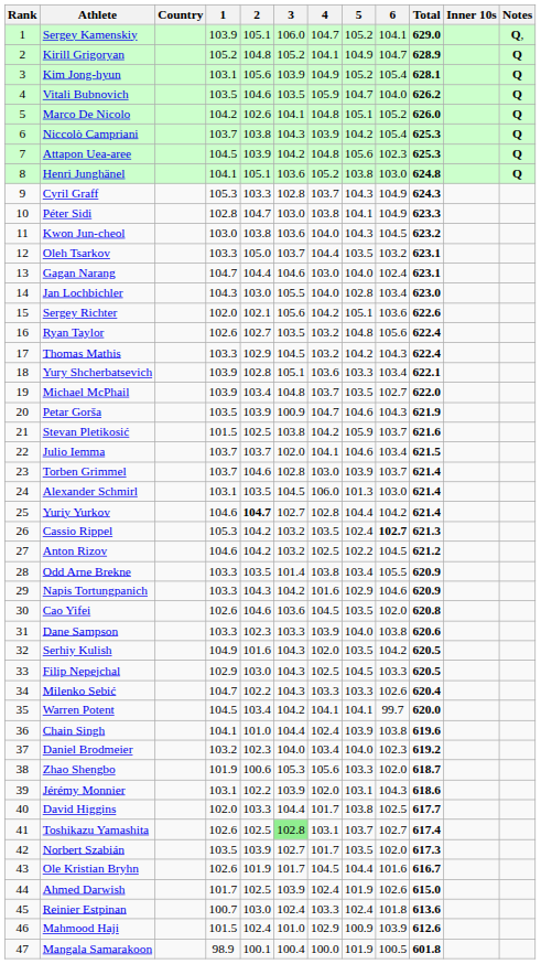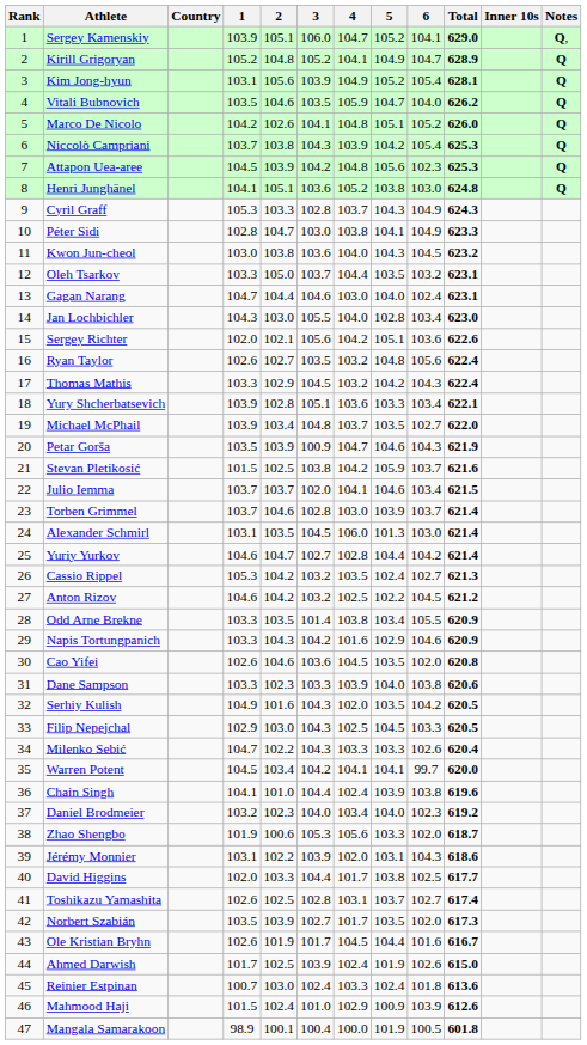 <table class="wikitable sortable" style="text-align:center">
 <tr>
 <th>Rank</th>
 <th>Athlete</th>
 <th>Country</th>
 <th class="unsortable" style="width: 28px">1</th>
 <th class="unsortable" style="width: 28px">2</th>
 <th class="unsortable" style="width: 28px">3</th>
 <th class="unsortable" style="width: 28px">4</th>
 <th class="unsortable" style="width: 28px">5</th>
 <th class="unsortable" style="width: 28px">6</th>
 <th>Total</th>
 <th>Inner 10s</th>
 <th class="unsortable">Notes</th>
 </tr>
 <tr bgcolor=#ccffcc>
 <td>1</td>
 <td align="left"><a href='#'>Sergey Kamenskiy</a></td>
 <td align="left"></td>
 <td>103.9</td>
 <td>105.1</td>
 <td>106.0</td>
 <td>104.7</td>
 <td>105.2</td>
 <td>104.1</td>
 <td><strong>629.0</strong></td>
 <td></td>
 <td><strong>Q</strong>, </td>
 </tr>
 <tr bgcolor=#ccffcc>
 <td>2</td>
 <td align="left"><a href='#'>Kirill Grigoryan</a></td>
 <td align="left"></td>
 <td>105.2</td>
 <td>104.8</td>
 <td>105.2</td>
 <td>104.1</td>
 <td>104.9</td>
 <td>104.7</td>
 <td><strong>628.9</strong></td>
 <td></td>
 <td><strong>Q</strong></td>
 </tr>
 <tr bgcolor=#ccffcc>
 <td>3</td>
 <td align="left"><a href='#'>Kim Jong-hyun</a></td>
 <td align="left"></td>
 <td>103.1</td>
 <td>105.6</td>
 <td>103.9</td>
 <td>104.9</td>
 <td>105.2</td>
 <td>105.4</td>
 <td><strong>628.1</strong></td>
 <td></td>
 <td><strong>Q</strong></td>
 </tr>
 <tr bgcolor=#ccffcc>
 <td>4</td>
 <td align="left"><a href='#'>Vitali Bubnovich</a></td>
 <td align="left"></td>
 <td>103.5</td>
 <td>104.6</td>
 <td>103.5</td>
 <td>105.9</td>
 <td>104.7</td>
 <td>104.0</td>
 <td><strong>626.2</strong></td>
 <td></td>
 <td><strong>Q</strong></td>
 </tr>
 <tr bgcolor=#ccffcc>
 <td>5</td>
 <td align="left"><a href='#'>Marco De Nicolo</a></td>
 <td align="left"></td>
 <td>104.2</td>
 <td>102.6</td>
 <td>104.1</td>
 <td>104.8</td>
 <td>105.1</td>
 <td>105.2</td>
 <td><strong>626.0</strong></td>
 <td></td>
 <td><strong>Q</strong></td>
 </tr>
 <tr bgcolor=#ccffcc>
 <td>6</td>
 <td align="left"><a href='#'>Niccolò Campriani</a></td>
 <td align="left"></td>
 <td>103.7</td>
 <td>103.8</td>
 <td>104.3</td>
 <td>103.9</td>
 <td>104.2</td>
 <td>105.4</td>
 <td><strong>625.3</strong></td>
 <td></td>
 <td><strong>Q</strong></td>
 </tr>
 <tr bgcolor=#ccffcc>
 <td>7</td>
 <td align="left"><a href='#'>Attapon Uea-aree</a></td>
 <td align="left"></td>
 <td>104.5</td>
 <td>103.9</td>
 <td>104.2</td>
 <td>104.8</td>
 <td>105.6</td>
 <td>102.3</td>
 <td><strong>625.3</strong></td>
 <td></td>
 <td><strong>Q</strong></td>
 </tr>
 <tr bgcolor=#ccffcc>
 <td>8</td>
 <td align="left"><a href='#'>Henri Junghänel</a></td>
 <td align="left"></td>
 <td>104.1</td>
 <td>105.1</td>
 <td>103.6</td>
 <td>105.2</td>
 <td>103.8</td>
 <td>103.0</td>
 <td><strong>624.8</strong></td>
 <td></td>
 <td><strong>Q</strong></td>
 </tr>
 <tr>
 <td>9</td>
 <td align="left"><a href='#'>Cyril Graff</a></td>
 <td align="left"></td>
 <td>105.3</td>
 <td>103.3</td>
 <td>102.8</td>
 <td>103.7</td>
 <td>104.3</td>
 <td>104.9</td>
 <td><strong>624.3</strong></td>
 <td></td>
 <td></td>
 </tr>
 <tr>
 <td>10</td>
 <td align="left"><a href='#'>Péter Sidi</a></td>
 <td align="left"></td>
 <td>102.8</td>
 <td>104.7</td>
 <td>103.0</td>
 <td>103.8</td>
 <td>104.1</td>
 <td>104.9</td>
 <td><strong>623.3</strong></td>
 <td></td>
 <td></td>
 </tr>
 <tr>
 <td>11</td>
 <td align="left"><a href='#'>Kwon Jun-cheol</a></td>
 <td align="left"></td>
 <td>103.0</td>
 <td>103.8</td>
 <td>103.6</td>
 <td>104.0</td>
 <td>104.3</td>
 <td>104.5</td>
 <td><strong>623.2</strong></td>
 <td></td>
 <td></td>
 </tr>
 <tr>
 <td>12</td>
 <td align="left"><a href='#'>Oleh Tsarkov</a></td>
 <td align="left"></td>
 <td>103.3</td>
 <td>105.0</td>
 <td>103.7</td>
 <td>104.4</td>
 <td>103.5</td>
 <td>103.2</td>
 <td><strong>623.1</strong></td>
 <td></td>
 <td></td>
 </tr>
 <tr>
 <td>13</td>
 <td align="left"><a href='#'>Gagan Narang</a></td>
 <td align="left"></td>
 <td>104.7</td>
 <td>104.4</td>
 <td>104.6</td>
 <td>103.0</td>
 <td>104.0</td>
 <td>102.4</td>
 <td><strong>623.1</strong></td>
 <td></td>
 <td></td>
 </tr>
 <tr>
 <td>14</td>
 <td align="left"><a href='#'>Jan Lochbichler</a></td>
 <td align="left"></td>
 <td>104.3</td>
 <td>103.0</td>
 <td>105.5</td>
 <td>104.0</td>
 <td>102.8</td>
 <td>103.4</td>
 <td><strong>623.0</strong></td>
 <td></td>
 <td></td>
 </tr>
 <tr>
 <td>15</td>
 <td align="left"><a href='#'>Sergey Richter</a></td>
 <td align="left"></td>
 <td>102.0</td>
 <td>102.1</td>
 <td>105.6</td>
 <td>104.2</td>
 <td>105.1</td>
 <td>103.6</td>
 <td><strong>622.6</strong></td>
 <td></td>
 <td></td>
 </tr>
 <tr>
 <td>16</td>
 <td align="left"><a href='#'>Ryan Taylor</a></td>
 <td align="left"></td>
 <td>102.6</td>
 <td>102.7</td>
 <td>103.5</td>
 <td>103.2</td>
 <td>104.8</td>
 <td>105.6</td>
 <td><strong>622.4</strong></td>
 <td></td>
 <td></td>
 </tr>
 <tr>
 <td>17</td>
 <td align="left"><a href='#'>Thomas Mathis</a></td>
 <td align="left"></td>
 <td>103.3</td>
 <td>102.9</td>
 <td>104.5</td>
 <td>103.2</td>
 <td>104.2</td>
 <td>104.3</td>
 <td><strong>622.4</strong></td>
 <td></td>
 <td></td>
 </tr>
 <tr>
 <td>18</td>
 <td align="left"><a href='#'>Yury Shcherbatsevich</a></td>
 <td align="left"></td>
 <td>103.9</td>
 <td>102.8</td>
 <td>105.1</td>
 <td>103.6</td>
 <td>103.3</td>
 <td>103.4</td>
 <td><strong>622.1</strong></td>
 <td></td>
 <td></td>
 </tr>
 <tr>
 <td>19</td>
 <td align="left"><a href='#'>Michael McPhail</a></td>
 <td align="left"></td>
 <td>103.9</td>
 <td>103.4</td>
 <td>104.8</td>
 <td>103.7</td>
 <td>103.5</td>
 <td>102.7</td>
 <td><strong>622.0</strong></td>
 <td></td>
 <td></td>
 </tr>
 <tr>
 <td>20</td>
 <td align="left"><a href='#'>Petar Gorša</a></td>
 <td align="left"></td>
 <td>103.5</td>
 <td>103.9</td>
 <td>100.9</td>
 <td>104.7</td>
 <td>104.6</td>
 <td>104.3</td>
 <td><strong>621.9</strong></td>
 <td></td>
 <td></td>
 </tr>
 <tr>
 <td>21</td>
 <td align="left"><a href='#'>Stevan Pletikosić</a></td>
 <td align="left"></td>
 <td>101.5</td>
 <td>102.5</td>
 <td>103.8</td>
 <td>104.2</td>
 <td>105.9</td>
 <td>103.7</td>
 <td><strong>621.6</strong></td>
 <td></td>
 <td></td>
 </tr>
 <tr>
 <td>22</td>
 <td align="left"><a href='#'>Julio Iemma</a></td>
 <td align="left"></td>
 <td>103.7</td>
 <td>103.7</td>
 <td>102.0</td>
 <td>104.1</td>
 <td>104.6</td>
 <td>103.4</td>
 <td><strong>621.5</strong></td>
 <td></td>
 <td></td>
 </tr>
 <tr>
 <td>23</td>
 <td align="left"><a href='#'>Torben Grimmel</a></td>
 <td align="left"></td>
 <td>103.7</td>
 <td>104.6</td>
 <td>102.8</td>
 <td>103.0</td>
 <td>103.9</td>
 <td>103.7</td>
 <td><strong>621.4</strong></td>
 <td></td>
 <td></td>
 </tr>
 <tr>
 <td>24</td>
 <td align="left"><a href='#'>Alexander Schmirl</a></td>
 <td align="left"></td>
 <td>103.1</td>
 <td>103.5</td>
 <td>104.5</td>
 <td>106.0</td>
 <td>101.3</td>
 <td>103.0</td>
 <td><strong>621.4</strong></td>
 <td></td>
 <td></td>
 </tr>
 <tr>
 <td>25</td>
 <td align="left"><a href='#'>Yuriy Yurkov</a></td>
 <td align="left"></td>
 <td>104.6</td>
-<td><strong>104.7</strong></td>
+<td>104.7</td>
 <td>102.7</td>
 <td>102.8</td>
 <td>104.4</td>
 <td>104.2</td>
 <td><strong>621.4</strong></td>
 <td></td>
 <td></td>
 </tr>
 <tr>
 <td>26</td>
 <td align="left"><a href='#'>Cassio Rippel</a></td>
 <td align="left"></td>
 <td>105.3</td>
 <td>104.2</td>
 <td>103.2</td>
 <td>103.5</td>
 <td>102.4</td>
-<td><strong>102.7</strong></td>
+<td>102.7</td>
 <td><strong>621.3</strong></td>
 <td></td>
 <td></td>
 </tr>
 <tr>
 <td>27</td>
 <td align="left"><a href='#'>Anton Rizov</a></td>
 <td align="left"></td>
 <td>104.6</td>
 <td>104.2</td>
 <td>103.2</td>
 <td>102.5</td>
 <td>102.2</td>
 <td>104.5</td>
 <td><strong>621.2</strong></td>
 <td></td>
 <td></td>
 </tr>
 <tr>
 <td>28</td>
 <td align="left"><a href='#'>Odd Arne Brekne</a></td>
 <td align="left"></td>
 <td>103.3</td>
 <td>103.5</td>
 <td>101.4</td>
 <td>103.8</td>
 <td>103.4</td>
 <td>105.5</td>
 <td><strong>620.9</strong></td>
 <td></td>
 <td></td>
 </tr>
 <tr>
 <td>29</td>
 <td align="left"><a href='#'>Napis Tortungpanich</a></td>
 <td align="left"></td>
 <td>103.3</td>
 <td>104.3</td>
 <td>104.2</td>
 <td>101.6</td>
 <td>102.9</td>
 <td>104.6</td>
 <td><strong>620.9</strong></td>
 <td></td>
 <td></td>
 </tr>
 <tr>
 <td>30</td>
 <td align="left"><a href='#'>Cao Yifei</a></td>
 <td align="left"></td>
 <td>102.6</td>
 <td>104.6</td>
 <td>103.6</td>
 <td>104.5</td>
 <td>103.5</td>
 <td>102.0</td>
 <td><strong>620.8</strong></td>
 <td></td>
 <td></td>
 </tr>
 <tr>
 <td>31</td>
 <td align="left"><a href='#'>Dane Sampson</a></td>
 <td align="left"></td>
 <td>103.3</td>
 <td>102.3</td>
 <td>103.3</td>
 <td>103.9</td>
 <td>104.0</td>
 <td>103.8</td>
 <td><strong>620.6</strong></td>
 <td></td>
 <td></td>
 </tr>
 <tr>
 <td>32</td>
 <td align="left"><a href='#'>Serhiy Kulish</a></td>
 <td align="left"></td>
 <td>104.9</td>
 <td>101.6</td>
 <td>104.3</td>
 <td>102.0</td>
 <td>103.5</td>
 <td>104.2</td>
 <td><strong>620.5</strong></td>
 <td></td>
 <td></td>
 </tr>
 <tr>
 <td>33</td>
 <td align="left"><a href='#'>Filip Nepejchal</a></td>
 <td align="left"></td>
 <td>102.9</td>
 <td>103.0</td>
 <td>104.3</td>
 <td>102.5</td>
 <td>104.5</td>
 <td>103.3</td>
 <td><strong>620.5</strong></td>
 <td></td>
 <td></td>
 </tr>
 <tr>
 <td>34</td>
 <td align="left"><a href='#'>Milenko Sebić</a></td>
 <td align="left"></td>
 <td>104.7</td>
 <td>102.2</td>
 <td>104.3</td>
 <td>103.3</td>
 <td>103.3</td>
 <td>102.6</td>
 <td><strong>620.4</strong></td>
 <td></td>
 <td></td>
 </tr>
 <tr>
 <td>35</td>
 <td align="left"><a href='#'>Warren Potent</a></td>
 <td align="left"></td>
 <td>104.5</td>
 <td>103.4</td>
 <td>104.2</td>
 <td>104.1</td>
 <td>104.1</td>
 <td>99.7</td>
 <td><strong>620.0</strong></td>
 <td></td>
 <td></td>
 </tr>
 <tr>
 <td>36</td>
 <td align="left"><a href='#'>Chain Singh</a></td>
 <td align="left"></td>
 <td>104.1</td>
 <td>101.0</td>
 <td>104.4</td>
 <td>102.4</td>
 <td>103.9</td>
 <td>103.8</td>
 <td><strong>619.6</strong></td>
 <td></td>
 <td></td>
 </tr>
 <tr>
 <td>37</td>
 <td align="left"><a href='#'>Daniel Brodmeier</a></td>
 <td align="left"></td>
 <td>103.2</td>
 <td>102.3</td>
 <td>104.0</td>
 <td>103.4</td>
 <td>104.0</td>
 <td>102.3</td>
 <td><strong>619.2</strong></td>
 <td></td>
 <td></td>
 </tr>
 <tr>
 <td>38</td>
 <td align="left"><a href='#'>Zhao Shengbo</a></td>
 <td align="left"></td>
 <td>101.9</td>
 <td>100.6</td>
 <td>105.3</td>
 <td>105.6</td>
 <td>103.3</td>
 <td>102.0</td>
 <td><strong>618.7</strong></td>
 <td></td>
 <td></td>
 </tr>
 <tr>
 <td>39</td>
 <td align="left"><a href='#'>Jérémy Monnier</a></td>
 <td align="left"></td>
 <td>103.1</td>
 <td>102.2</td>
 <td>103.9</td>
 <td>102.0</td>
 <td>103.1</td>
 <td>104.3</td>
 <td><strong>618.6</strong></td>
 <td></td>
 <td></td>
 </tr>
 <tr>
 <td>40</td>
 <td align="left"><a href='#'>David Higgins</a></td>
 <td align="left"></td>
 <td>102.0</td>
 <td>103.3</td>
 <td>104.4</td>
 <td>101.7</td>
 <td>103.8</td>
 <td>102.5</td>
 <td><strong>617.7</strong></td>
 <td></td>
 <td></td>
 </tr>
 <tr>
 <td>41</td>
 <td align="left"><a href='#'>Toshikazu Yamashita</a></td>
 <td align="left"></td>
 <td>102.6</td>
 <td>102.5</td>
-<td style="background: lightgreen;">102.8</td>
+<td>102.8</td>
 <td>103.1</td>
 <td>103.7</td>
 <td>102.7</td>
 <td><strong>617.4</strong></td>
 <td></td>
 <td></td>
 </tr>
 <tr>
 <td>42</td>
 <td align="left"><a href='#'>Norbert Szabián</a></td>
 <td align="left"></td>
 <td>103.5</td>
 <td>103.9</td>
 <td>102.7</td>
 <td>101.7</td>
 <td>103.5</td>
 <td>102.0</td>
 <td><strong>617.3</strong></td>
 <td></td>
 <td></td>
 </tr>
 <tr>
 <td>43</td>
 <td align="left"><a href='#'>Ole Kristian Bryhn</a></td>
 <td align="left"></td>
 <td>102.6</td>
 <td>101.9</td>
 <td>101.7</td>
 <td>104.5</td>
 <td>104.4</td>
 <td>101.6</td>
 <td><strong>616.7</strong></td>
 <td></td>
 <td></td>
 </tr>
 <tr>
 <td>44</td>
 <td align="left"><a href='#'>Ahmed Darwish</a></td>
 <td align="left"></td>
 <td>101.7</td>
 <td>102.5</td>
 <td>103.9</td>
 <td>102.4</td>
 <td>101.9</td>
 <td>102.6</td>
 <td><strong>615.0</strong></td>
 <td></td>
 <td></td>
 </tr>
 <tr>
 <td>45</td>
 <td align="left"><a href='#'>Reinier Estpinan</a></td>
 <td align="left"></td>
 <td>100.7</td>
 <td>103.0</td>
 <td>102.4</td>
 <td>103.3</td>
 <td>102.4</td>
 <td>101.8</td>
 <td><strong>613.6</strong></td>
 <td></td>
 <td></td>
 </tr>
 <tr>
 <td>46</td>
 <td align="left"><a href='#'>Mahmood Haji</a></td>
 <td align="left"></td>
 <td>101.5</td>
 <td>102.4</td>
 <td>101.0</td>
 <td>102.9</td>
 <td>100.9</td>
 <td>103.9</td>
 <td><strong>612.6</strong></td>
 <td></td>
 <td></td>
 </tr>
 <tr>
 <td>47</td>
 <td align="left"><a href='#'>Mangala Samarakoon</a></td>
 <td align="left"></td>
 <td>98.9</td>
 <td>100.1</td>
 <td>100.4</td>
 <td>100.0</td>
 <td>101.9</td>
 <td>100.5</td>
 <td><strong>601.8</strong></td>
 <td></td>
 <td></td>
 </tr>
 </table>
